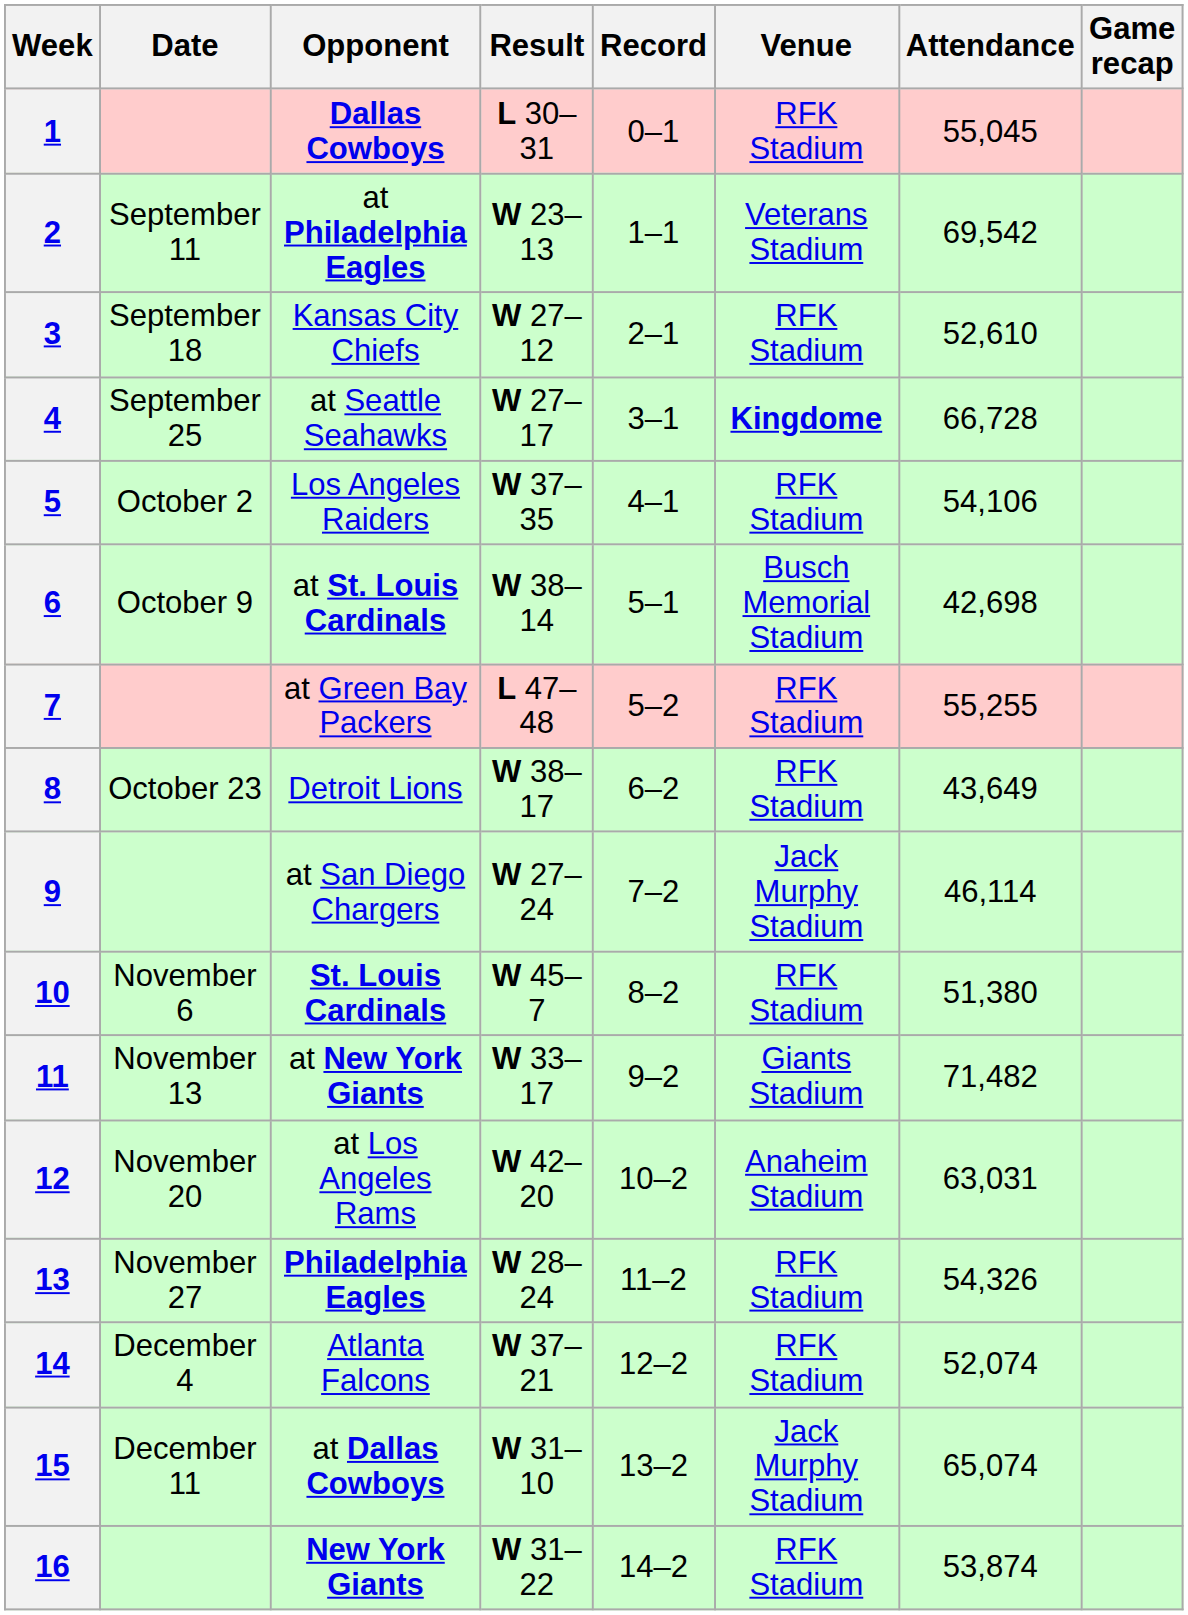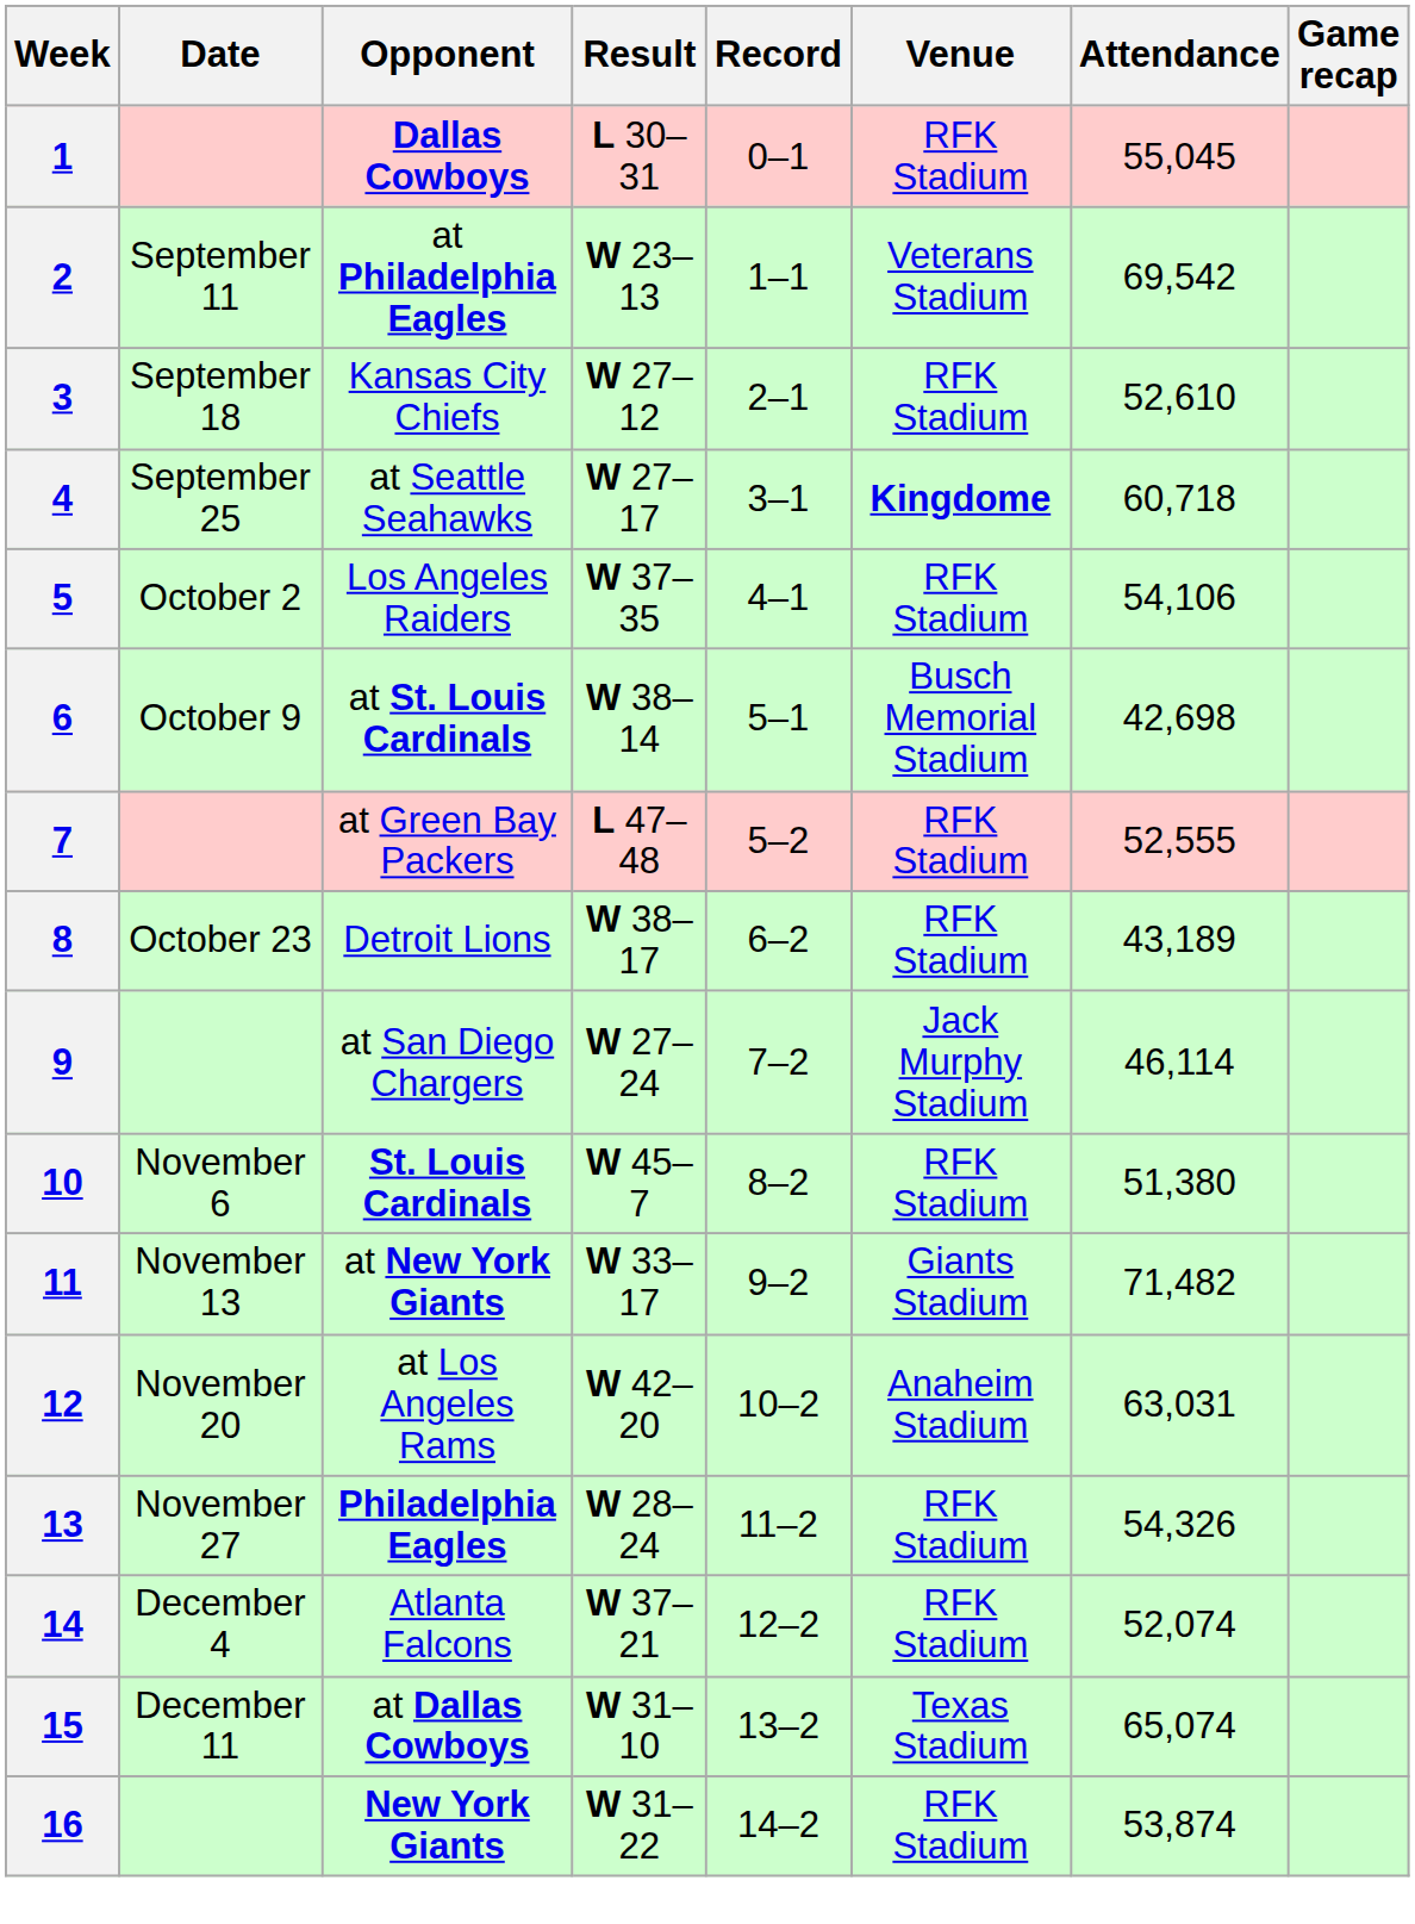 <table class="wikitable" style="text-align:center">
 <tr>
 <th>Week</th>
 <th>Date</th>
 <th>Opponent</th>
 <th>Result</th>
 <th>Record</th>
 <th>Venue</th>
 <th>Attendance</th>
 <th>Game<br>recap</th>
 </tr>
 <tr style="background:#fcc">
 <th><a href='#'>1</a></th>
 <td></td>
 <td><strong><a href='#'>Dallas Cowboys</a></strong></td>
 <td><strong>L</strong> 30–31</td>
 <td>0–1</td>
 <td><a href='#'>RFK Stadium</a></td>
 <td>55,045</td>
 <td></td>
 </tr>
 <tr style="background:#cfc">
 <th><a href='#'>2</a></th>
 <td>September 11</td>
 <td>at <strong><a href='#'>Philadelphia Eagles</a></strong></td>
 <td><strong>W</strong> 23–13</td>
 <td>1–1</td>
 <td><a href='#'>Veterans Stadium</a></td>
 <td>69,542</td>
 <td></td>
 </tr>
 <tr style="background:#cfc">
 <th><a href='#'>3</a></th>
 <td>September 18</td>
 <td><a href='#'>Kansas City Chiefs</a></td>
 <td><strong>W</strong> 27–12</td>
 <td>2–1</td>
 <td><a href='#'>RFK Stadium</a></td>
 <td>52,610</td>
 <td></td>
 </tr>
 <tr style="background:#cfc">
 <th><a href='#'>4</a></th>
 <td>September 25</td>
 <td>at <a href='#'>Seattle Seahawks</a></td>
 <td><strong>W</strong> 27–17</td>
 <td>3–1</td>
 <td><strong><a href='#'>Kingdome</a></strong></td>
-<td>66,728</td>
+<td>60,718</td>
 <td></td>
 </tr>
 <tr style="background:#cfc">
 <th><a href='#'>5</a></th>
 <td>October 2</td>
 <td><a href='#'>Los Angeles Raiders</a></td>
 <td><strong>W</strong> 37–35</td>
 <td>4–1</td>
 <td><a href='#'>RFK Stadium</a></td>
 <td>54,106</td>
 <td></td>
 </tr>
 <tr style="background:#cfc">
 <th><a href='#'>6</a></th>
 <td>October 9</td>
 <td>at <strong><a href='#'>St. Louis Cardinals</a></strong></td>
 <td><strong>W</strong> 38–14</td>
 <td>5–1</td>
 <td><a href='#'>Busch Memorial Stadium</a></td>
 <td>42,698</td>
 <td></td>
 </tr>
 <tr style="background:#fcc">
 <th><a href='#'>7</a></th>
 <td></td>
 <td>at <a href='#'>Green Bay Packers</a></td>
 <td><strong>L</strong> 47–48</td>
 <td>5–2</td>
 <td><a href='#'>RFK Stadium</a></td>
-<td>55,255</td>
+<td>52,555</td>
 <td></td>
 </tr>
 <tr style="background:#cfc">
 <th><a href='#'>8</a></th>
 <td>October 23</td>
 <td><a href='#'>Detroit Lions</a></td>
 <td><strong>W</strong> 38–17</td>
 <td>6–2</td>
 <td><a href='#'>RFK Stadium</a></td>
-<td>43,649</td>
+<td>43,189</td>
 <td></td>
 </tr>
 <tr style="background:#cfc">
 <th><a href='#'>9</a></th>
 <td></td>
 <td>at <a href='#'>San Diego Chargers</a></td>
 <td><strong>W</strong> 27–24</td>
 <td>7–2</td>
 <td><a href='#'>Jack Murphy Stadium</a></td>
 <td>46,114</td>
 <td></td>
 </tr>
 <tr style="background:#cfc">
 <th><a href='#'>10</a></th>
 <td>November 6</td>
 <td><strong><a href='#'>St. Louis Cardinals</a></strong></td>
 <td><strong>W</strong> 45–7</td>
 <td>8–2</td>
 <td><a href='#'>RFK Stadium</a></td>
 <td>51,380</td>
 <td></td>
 </tr>
 <tr style="background:#cfc">
 <th><a href='#'>11</a></th>
 <td>November 13</td>
 <td>at <strong><a href='#'>New York Giants</a></strong></td>
 <td><strong>W</strong> 33–17</td>
 <td>9–2</td>
 <td><a href='#'>Giants Stadium</a></td>
 <td>71,482</td>
 <td></td>
 </tr>
 <tr style="background:#cfc">
 <th><a href='#'>12</a></th>
 <td>November 20</td>
 <td>at <a href='#'>Los Angeles Rams</a></td>
 <td><strong>W</strong> 42–20</td>
 <td>10–2</td>
 <td><a href='#'>Anaheim Stadium</a></td>
 <td>63,031</td>
 <td></td>
 </tr>
 <tr style="background:#cfc">
 <th><a href='#'>13</a></th>
 <td>November 27</td>
 <td><strong><a href='#'>Philadelphia Eagles</a></strong></td>
 <td><strong>W</strong> 28–24</td>
 <td>11–2</td>
 <td><a href='#'>RFK Stadium</a></td>
 <td>54,326</td>
 <td></td>
 </tr>
 <tr style="background:#cfc">
 <th><a href='#'>14</a></th>
 <td>December 4</td>
 <td><a href='#'>Atlanta Falcons</a></td>
 <td><strong>W</strong> 37–21</td>
 <td>12–2</td>
 <td><a href='#'>RFK Stadium</a></td>
 <td>52,074</td>
 <td></td>
 </tr>
 <tr style="background:#cfc">
 <th><a href='#'>15</a></th>
 <td>December 11</td>
 <td>at <strong><a href='#'>Dallas Cowboys</a></strong></td>
 <td><strong>W</strong> 31–10</td>
 <td>13–2</td>
-<td><a href='#'>Jack Murphy Stadium</a></td>
+<td><a href='#'>Texas Stadium</a></td>
 <td>65,074</td>
 <td></td>
 </tr>
 <tr style="background:#cfc">
 <th><a href='#'>16</a></th>
 <td></td>
 <td><strong><a href='#'>New York Giants</a></strong></td>
 <td><strong>W</strong> 31–22</td>
 <td>14–2</td>
 <td><a href='#'>RFK Stadium</a></td>
 <td>53,874</td>
 <td></td>
 </tr>
 </table>
